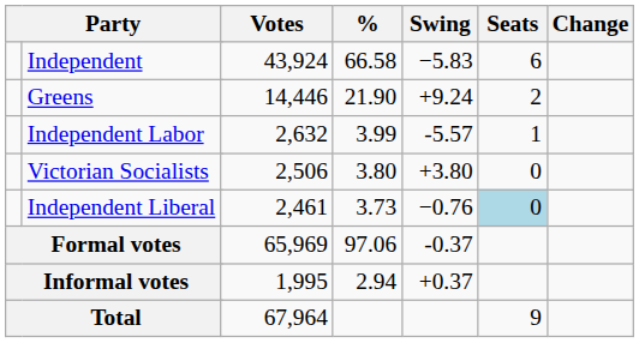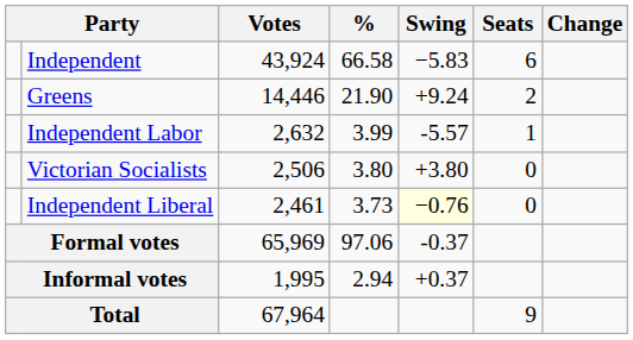 <table class="wikitable" style="text-align:right; margin-bottom:0">
 <tr>
 <th colspan="3" style="width:10px">Party</th>
 <th style="width:70px;">Votes</th>
 <th style="width:40px;">%</th>
 <th style="width:40px;">Swing</th>
 <th style="width:40px;">Seats</th>
 <th style="width:40px;">Change</th>
 </tr>
 <tr>
 <td> </td>
 <td colspan="2" style="text-align:left;"><a href='#'>Independent</a></td>
 <td style="width:70px;">43,924</td>
 <td style="width:40px;">66.58</td>
 <td style="width:45px;">−5.83</td>
 <td style="width:40px;">6</td>
 <td style="width:40px;"></td>
 </tr>
 <tr>
 <td> </td>
 <td colspan="2" style="text-align:left;"><a href='#'>Greens</a></td>
 <td>14,446</td>
 <td>21.90</td>
 <td>+9.24</td>
 <td>2</td>
 <td></td>
 </tr>
 <tr>
 <td> </td>
 <td colspan="2" style="text-align:left;"><a href='#'>Independent Labor</a></td>
 <td>2,632</td>
 <td>3.99</td>
 <td>-5.57</td>
 <td>1</td>
 <td></td>
 </tr>
 <tr>
 <td> </td>
 <td colspan="2"  style="text-align:left;"><a href='#'>Victorian Socialists</a></td>
 <td>2,506</td>
 <td>3.80</td>
 <td>+3.80</td>
 <td>0</td>
 <td></td>
 </tr>
 <tr>
 <td> </td>
 <td colspan="2" style="text-align:left;"><a href='#'>Independent Liberal</a></td>
 <td>2,461</td>
 <td>3.73</td>
-<td>−0.76</td>
-<td style="background: lightblue;">0</td>
+<td style="background: lightyellow;">−0.76</td>
+<td>0</td>
 <td></td>
 </tr>
 <tr>
 <th colspan="3" rowspan="1"> Formal votes</th>
 <td>65,969</td>
 <td>97.06</td>
 <td>-0.37</td>
 <td></td>
 <td></td>
 </tr>
 <tr>
 <th colspan="3" rowspan="1"> Informal votes</th>
 <td>1,995</td>
 <td>2.94</td>
 <td>+0.37</td>
 <td></td>
 <td></td>
 </tr>
 <tr>
 <th colspan="3" rowspan="1"> Total</th>
 <td>67,964</td>
 <td></td>
 <td></td>
 <td>9</td>
 </tr>
 </table>
